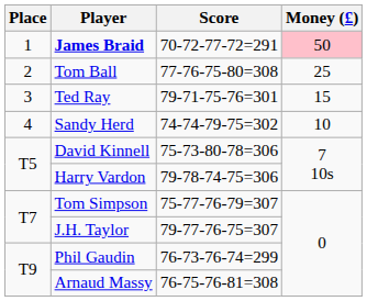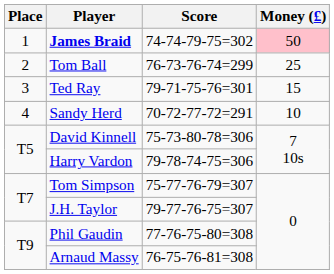 <table class=wikitable>
 <tr>
 <th>Place</th>
 <th>Player</th>
 <th>Score</th>
 <th>Money (<a href='#'>£</a>)</th>
 </tr>
 <tr>
 <td align=center>1</td>
 <td> <strong><a href='#'>James Braid</a></strong></td>
-<td>70-72-77-72=291</td>
+<td>74-74-79-75=302</td>
 <td align=center style="background: pink;">50</td>
 </tr>
 <tr>
 <td align=center>2</td>
 <td> <a href='#'>Tom Ball</a></td>
-<td>77-76-75-80=308</td>
+<td>76-73-76-74=299</td>
 <td align=center>25</td>
 </tr>
 <tr>
 <td align=center>3</td>
 <td> <a href='#'>Ted Ray</a></td>
 <td>79-71-75-76=301</td>
 <td align=center>15</td>
 </tr>
 <tr>
 <td align=center>4</td>
 <td> <a href='#'>Sandy Herd</a></td>
-<td>74-74-79-75=302</td>
+<td>70-72-77-72=291</td>
 <td align=center>10</td>
 </tr>
 <tr>
 <td rowspan=2 align=center>T5</td>
 <td> <a href='#'>David Kinnell</a></td>
 <td>75-73-80-78=306</td>
 <td rowspan=2 align=center>7<br>10s</td>
 </tr>
 <tr>
 <td> <a href='#'>Harry Vardon</a></td>
 <td>79-78-74-75=306</td>
 </tr>
 <tr>
 <td rowspan=2 align=center>T7</td>
 <td> <a href='#'>Tom Simpson</a></td>
 <td>75-77-76-79=307</td>
 <td rowspan=4 align=center>0</td>
 </tr>
 <tr>
 <td> <a href='#'>J.H. Taylor</a></td>
 <td>79-77-76-75=307</td>
 </tr>
 <tr>
 <td rowspan=2 align=center>T9</td>
 <td> <a href='#'>Phil Gaudin</a></td>
-<td>76-73-76-74=299</td>
+<td>77-76-75-80=308</td>
 </tr>
 <tr>
 <td> <a href='#'>Arnaud Massy</a></td>
 <td>76-75-76-81=308</td>
 </tr>
 </table>
